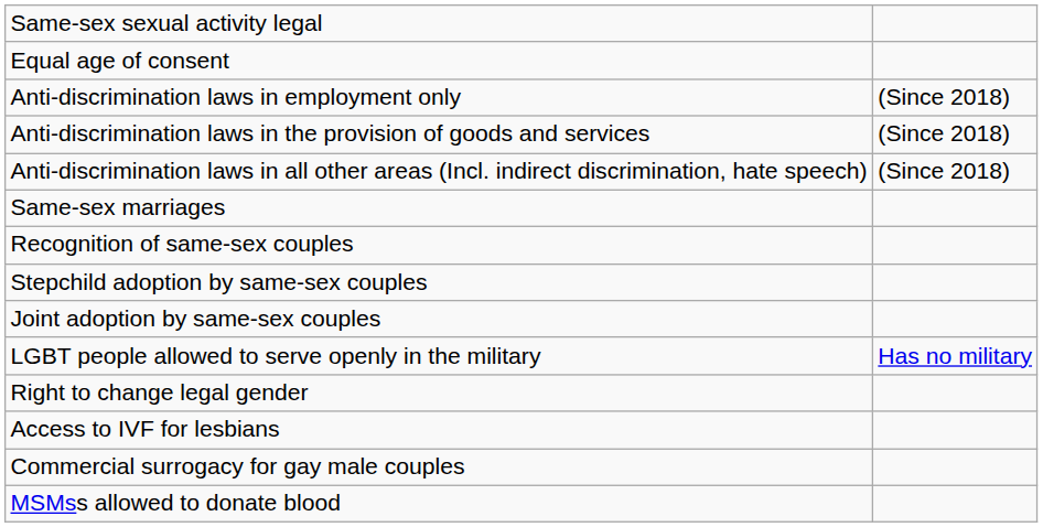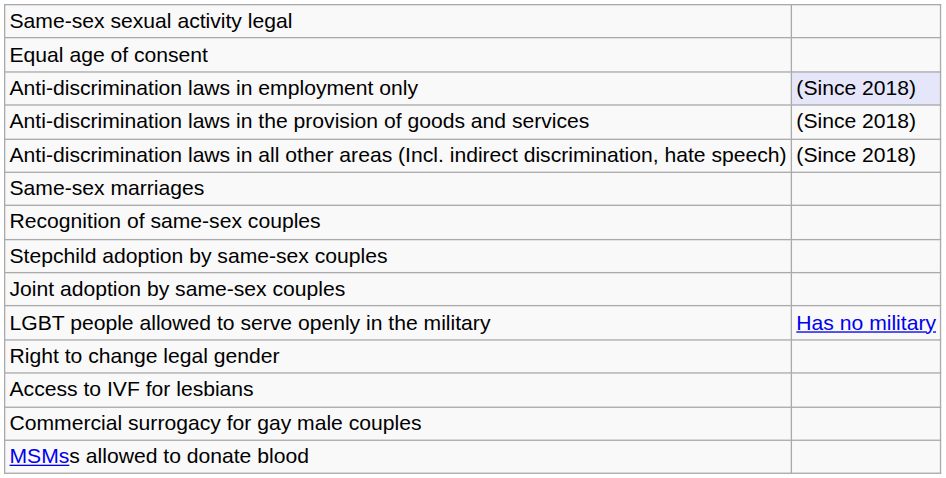 <table class="wikitable">
 <tr>
 <td>Same-sex sexual activity legal</td>
 <td></td>
 </tr>
 <tr>
 <td>Equal age of consent</td>
 <td></td>
 </tr>
 <tr>
 <td>Anti-discrimination laws in employment only</td>
-<td> (Since 2018)</td>
+<td style="background: lavender;"> (Since 2018)</td>
 </tr>
 <tr>
 <td>Anti-discrimination laws in the provision of goods and services</td>
 <td> (Since 2018)</td>
 </tr>
 <tr>
 <td>Anti-discrimination laws in all other areas (Incl. indirect discrimination, hate speech)</td>
 <td> (Since 2018)</td>
 </tr>
 <tr>
 <td>Same-sex marriages</td>
 <td></td>
 </tr>
 <tr>
 <td>Recognition of same-sex couples</td>
 <td></td>
 </tr>
 <tr>
 <td>Stepchild adoption by same-sex couples</td>
 <td></td>
 </tr>
 <tr>
 <td>Joint adoption by same-sex couples</td>
 <td></td>
 </tr>
 <tr>
 <td>LGBT people allowed to serve openly in the military</td>
 <td><a href='#'>Has no military</a></td>
 </tr>
 <tr>
 <td>Right to change legal gender</td>
 <td></td>
 </tr>
 <tr>
 <td>Access to IVF for lesbians</td>
 <td></td>
 </tr>
 <tr>
 <td>Commercial surrogacy for gay male couples</td>
 <td></td>
 </tr>
 <tr>
 <td><a href='#'>MSMs</a>s allowed to donate blood</td>
 <td></td>
 </tr>
 </table>
